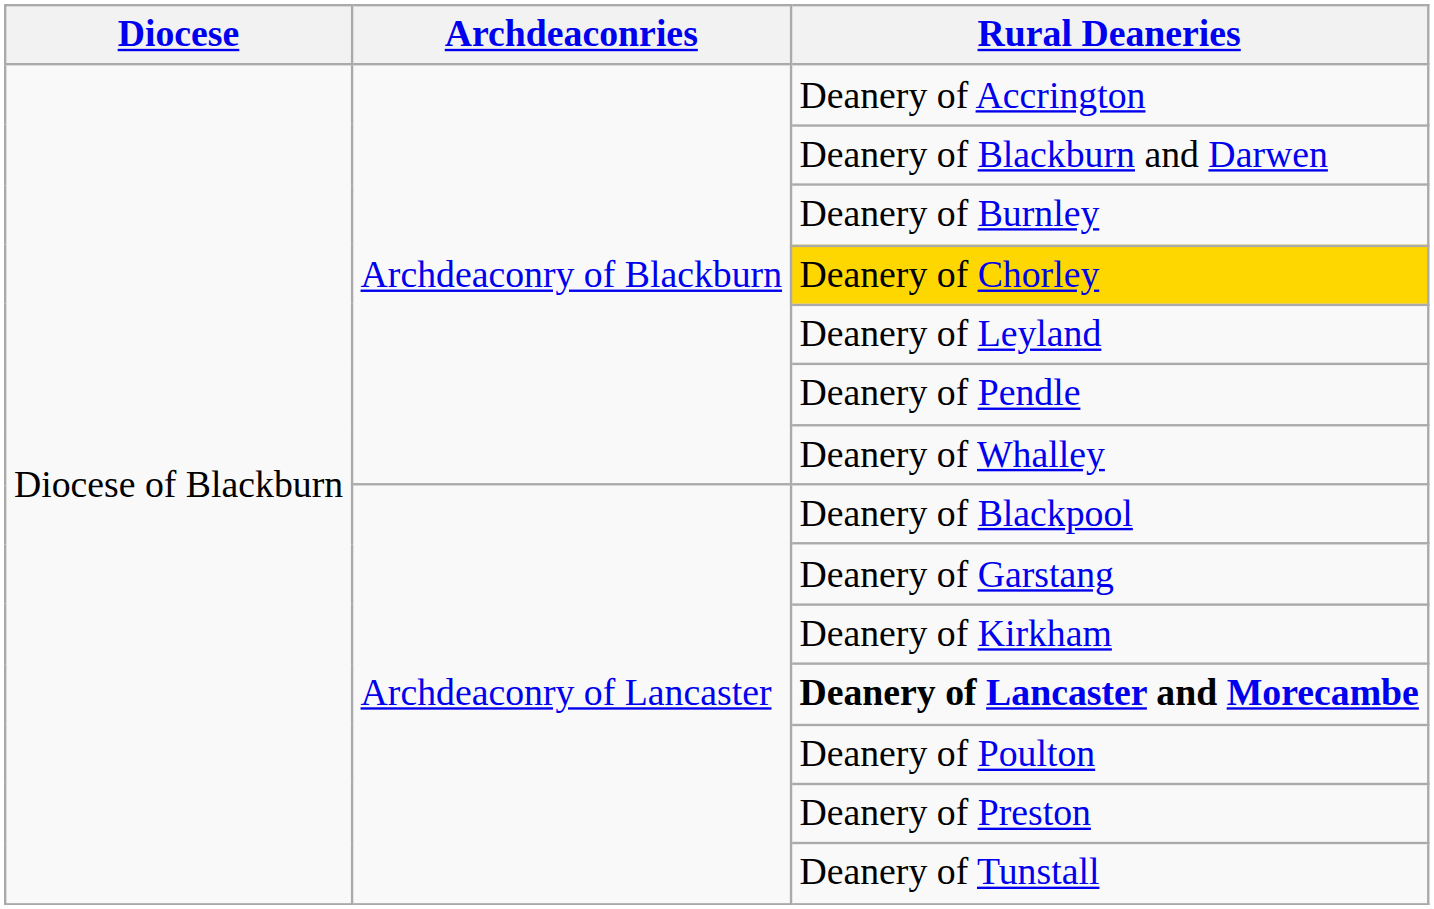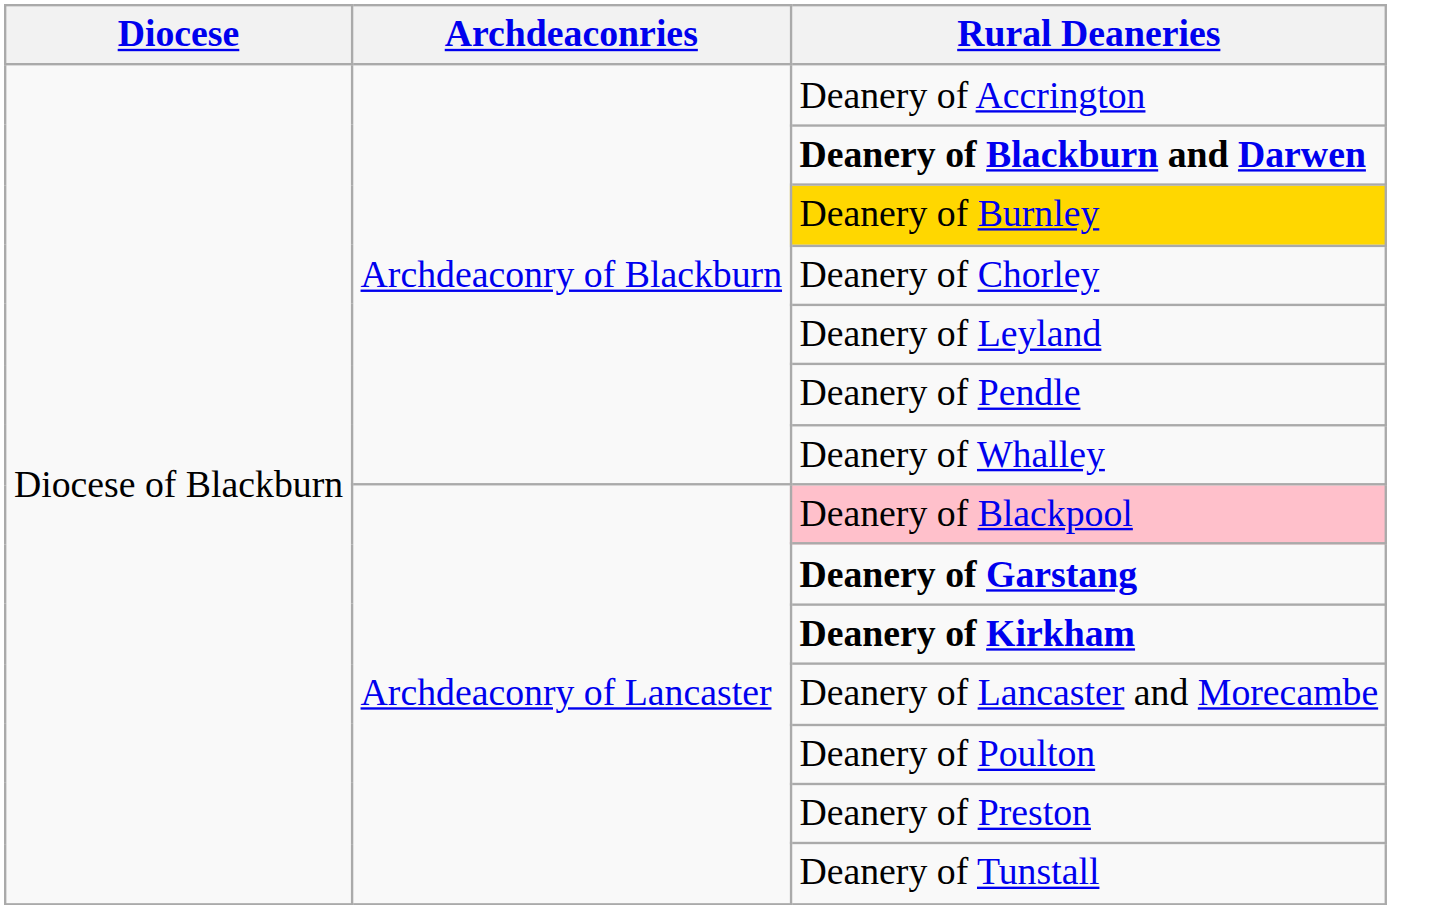 <table class="wikitable sortable">
 <tr>
 <th><a href='#'>Diocese</a></th>
 <th><a href='#'>Archdeaconries</a></th>
 <th><a href='#'>Rural Deaneries</a></th>
 </tr>
 <tr>
 <td rowspan="14">Diocese of Blackburn</td>
 <td rowspan="7"><a href='#'>Archdeaconry of Blackburn</a></td>
 <td>Deanery of <a href='#'>Accrington</a></td>
 </tr>
 <tr>
-<td>Deanery of <a href='#'>Blackburn</a> and <a href='#'>Darwen</a></td>
+<td><strong>Deanery of <a href='#'>Blackburn</a> and <a href='#'>Darwen</a></strong></td>
 </tr>
 <tr>
-<td>Deanery of <a href='#'>Burnley</a></td>
+<td style="background: gold;">Deanery of <a href='#'>Burnley</a></td>
 </tr>
 <tr>
-<td style="background: gold;">Deanery of <a href='#'>Chorley</a></td>
+<td>Deanery of <a href='#'>Chorley</a></td>
 </tr>
 <tr>
 <td>Deanery of <a href='#'>Leyland</a></td>
 </tr>
 <tr>
 <td>Deanery of <a href='#'>Pendle</a></td>
 </tr>
 <tr>
 <td>Deanery of <a href='#'>Whalley</a></td>
 </tr>
 <tr>
 <td rowspan="7"><a href='#'>Archdeaconry of Lancaster</a></td>
-<td>Deanery of <a href='#'>Blackpool</a></td>
+<td style="background: pink;">Deanery of <a href='#'>Blackpool</a></td>
 </tr>
 <tr>
-<td>Deanery of <a href='#'>Garstang</a></td>
+<td><strong>Deanery of <a href='#'>Garstang</a></strong></td>
 </tr>
 <tr>
-<td>Deanery of <a href='#'>Kirkham</a></td>
+<td><strong>Deanery of <a href='#'>Kirkham</a></strong></td>
 </tr>
 <tr>
-<td><strong>Deanery of <a href='#'>Lancaster</a> and <a href='#'>Morecambe</a></strong></td>
+<td>Deanery of <a href='#'>Lancaster</a> and <a href='#'>Morecambe</a></td>
 </tr>
 <tr>
 <td>Deanery of <a href='#'>Poulton</a></td>
 </tr>
 <tr>
 <td>Deanery of <a href='#'>Preston</a></td>
 </tr>
 <tr>
 <td>Deanery of <a href='#'>Tunstall</a></td>
 </tr>
 </table>
